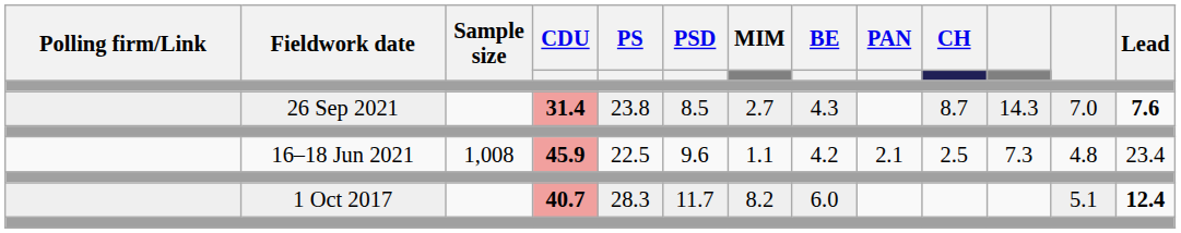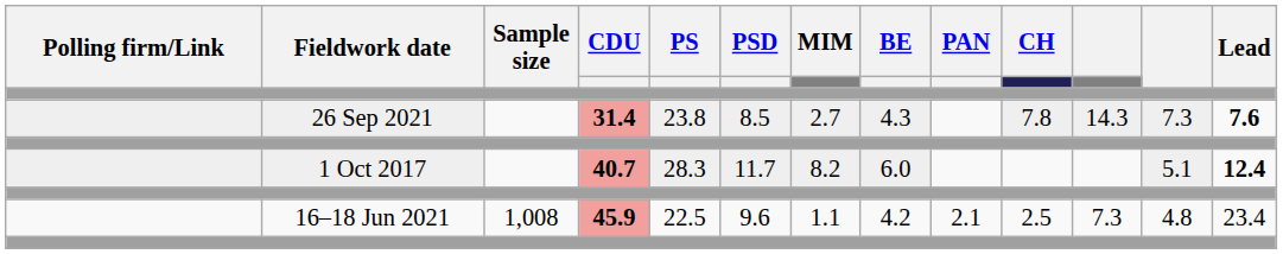 <table class="wikitable sortable mw-datatable" style="text-align:center;font-size:90%;line-height:16px;">
 <tr style="height:42px;">
 <th style="width:145px;" rowspan="2">Polling firm/Link</th>
 <th style="width:125px;" rowspan="2">Fieldwork date</th>
 <th class="unsortable" style="width:50px;" rowspan="2">Sample size</th>
 <th class="unsortable" style="width:35px;"><a href='#'>CDU</a></th>
 <th class="unsortable" style="width:35px;"><a href='#'>PS</a></th>
 <th class="unsortable" style="width:35px;"><a href='#'>PSD</a></th>
 <th class="unsortable" style="width:35px;">MIM</th>
 <th class="unsortable" style="width:35px;"><a href='#'>BE</a></th>
 <th class="unsortable" style="width:35px;"><a href='#'>PAN</a></th>
 <th class="unsortable" style="width:35px;"><a href='#'>CH</a></th>
 <th class="unsortable" style="width:35px;"></th>
 <th class="unsortable" style="width:35px;" rowspan="2"></th>
 <th class="unsortable" style="width:30px;" rowspan="2">Lead</th>
 </tr>
 <tr>
 <th class="unsortable" style="color:inherit;background:"></th>
 <th class="unsortable" style="color:inherit;background:"></th>
 <th class="unsortable" style="color:inherit;background:"></th>
 <th class="unsortable" style="color:inherit;background:gray;"></th>
 <th class="unsortable" style="color:inherit;background:"></th>
 <th class="sortable" style="background:"></th>
 <th class="sortable" style="background:#202056;"></th>
 <th class="unsortable" style="color:inherit;background:gray;"></th>
 </tr>
 <tr>
 <td colspan="13" style="background:#A0A0A0"></td>
 </tr>
 <tr>
 <td style="background:#EFEFEF;"><strong></strong></td>
 <td style="background:#EFEFEF;" data-sort-value="2019-10-06">26 Sep 2021</td>
 <td></td>
 <td style="background:#F1A09E"><strong>31.4</strong><br></td>
 <td style="background:#EFEFEF;">23.8<br></td>
 <td style="background:#EFEFEF;">8.5<br></td>
 <td style="background:#EFEFEF;">2.7<br></td>
 <td style="background:#EFEFEF;">4.3<br></td>
 <td></td>
-<td style="background:#EFEFEF;">8.7<br></td>
+<td style="background:#EFEFEF;">7.8<br></td>
 <td style="background:#EFEFEF;">14.3<br></td>
-<td style="background:#EFEFEF;">7.0<br></td>
+<td style="background:#EFEFEF;">7.3<br></td>
 <td style="background:"><strong>7.6</strong></td>
+</tr>
+<tr>
+<td colspan="13" style="background:#A0A0A0"></td>
+</tr>
+<tr>
+<td style="background:#EFEFEF;"><strong></strong></td>
+<td style="background:#EFEFEF;" data-sort-value="2019-10-06">1 Oct 2017</td>
+<td></td>
+<td style="background:#F1A09E"><strong>40.7</strong><br></td>
+<td style="background:#EFEFEF;">28.3<br></td>
+<td style="background:#EFEFEF;">11.7<br></td>
+<td style="background:#EFEFEF;">8.2<br></td>
+<td style="background:#EFEFEF;">6.0<br></td>
+<td></td>
+<td></td>
+<td></td>
+<td style="background:#EFEFEF;">5.1</td>
+<td style="background:"><strong>12.4</strong></td>
 </tr>
 <tr>
 <td colspan="13" style="background:#A0A0A0"></td>
 </tr>
 <tr>
 <td align="center"><br></td>
 <td align="center">16–18 Jun 2021</td>
 <td>1,008</td>
 <td align="center" style="background:#F1A09E"><strong>45.9</strong><br></td>
 <td align="center">22.5<br></td>
 <td align="center">9.6<br></td>
 <td align="center">1.1<br></td>
 <td align="center">4.2<br></td>
 <td align="center">2.1<br></td>
 <td align="center">2.5<br></td>
 <td align="center">7.3<br></td>
 <td align="center">4.8<br></td>
 <td style="background:">23.4</td>
 </tr>
 <tr>
 <td colspan="13" style="background:#A0A0A0"></td>
 </tr>
-<tr>
-<td style="background:#EFEFEF;"><strong></strong></td>
-<td style="background:#EFEFEF;" data-sort-value="2019-10-06">1 Oct 2017</td>
-<td></td>
-<td style="background:#F1A09E"><strong>40.7</strong><br></td>
-<td style="background:#EFEFEF;">28.3<br></td>
-<td style="background:#EFEFEF;">11.7<br></td>
-<td style="background:#EFEFEF;">8.2<br></td>
-<td style="background:#EFEFEF;">6.0<br></td>
-<td></td>
-<td></td>
-<td></td>
-<td style="background:#EFEFEF;">5.1</td>
-<td style="background:"><strong>12.4</strong></td>
-</tr>
-<tr>
-<td colspan="13" style="background:#A0A0A0"></td>
-</tr>
 </table>
